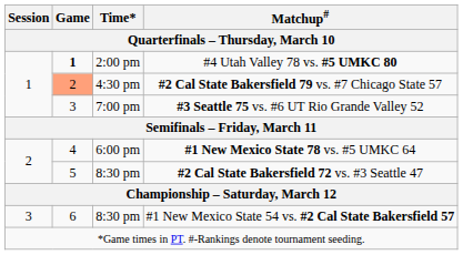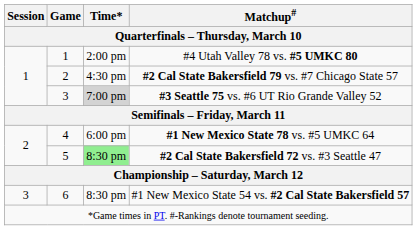 <table class="wikitable" style="font-size: 95%;text-align:center">
 <tr>
 <th>Session</th>
 <th>Game</th>
 <th>Time*</th>
 <th>Matchup<sup>#</sup></th>
 </tr>
 <tr>
 <th colspan=4>Quarterfinals – Thursday, March 10</th>
 </tr>
 <tr>
 <td rowspan=3>1</td>
-<td><strong>1</strong></td>
+<td>1</td>
 <td>2:00 pm</td>
 <td>#4 Utah Valley 78 vs. <strong>#5 UMKC 80</strong></td>
 </tr>
 <tr>
-<td style="background: lightsalmon;">2</td>
+<td>2</td>
 <td>4:30 pm</td>
 <td><strong>#2 Cal State Bakersfield 79</strong> vs. #7 Chicago State 57</td>
 </tr>
 <tr>
 <td>3</td>
-<td>7:00 pm</td>
+<td style="background: lightgrey;">7:00 pm</td>
 <td><strong>#3 Seattle 75</strong> vs. #6 UT Rio Grande Valley 52</td>
 </tr>
 <tr>
 <th colspan=4>Semifinals – Friday, March 11</th>
 </tr>
 <tr>
 <td rowspan=2>2</td>
 <td>4</td>
 <td>6:00 pm</td>
 <td><strong>#1 New Mexico State 78</strong> vs. #5 UMKC 64</td>
 </tr>
 <tr>
 <td>5</td>
-<td>8:30 pm</td>
+<td style="background: lightgreen;">8:30 pm</td>
 <td><strong>#2 Cal State Bakersfield 72</strong> vs. #3 Seattle 47</td>
 </tr>
 <tr>
 <th colspan=4>Championship – Saturday, March 12</th>
 </tr>
 <tr>
 <td>3</td>
 <td>6</td>
 <td>8:30 pm</td>
 <td>#1 New Mexico State 54 vs. <strong>#2 Cal State Bakersfield 57</strong></td>
 </tr>
 <tr>
 <td colspan=4><small>*Game times in <a href='#'>PT</a>. #-Rankings denote tournament seeding.</small></td>
 </tr>
 </table>
